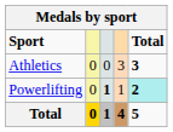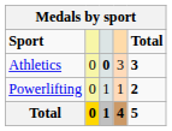 <table class=wikitable style="font-size:95%; ">
 <tr bgcolor=EFEFEF>
 <th colspan=7><strong>Medals by sport</strong></th>
 </tr>
 <tr>
 <td><strong>Sport</strong></td>
 <td bgcolor=F7F6A8></td>
 <td bgcolor=DCE5E5></td>
 <td bgcolor=FFDBA9></td>
 <td><strong>Total</strong></td>
 </tr>
 <tr>
 <td><a href='#'>Athletics</a></td>
 <td bgcolor=F7F6A8>0</td>
-<td bgcolor=DCE5E5>0</td>
+<td bgcolor=DCE5E5><strong>0</strong></td>
 <td bgcolor=FFDAB9>3</td>
 <td><strong>3</strong></td>
 </tr>
 <tr>
 <td><a href='#'>Powerlifting</a></td>
 <td bgcolor=F7F6A8>0</td>
-<td bgcolor=DCE5E5><strong>1</strong></td>
+<td bgcolor=DCE5E5>1</td>
 <td bgcolor=FFDAB9>1</td>
-<td style="background: paleturquoise;"><strong>2</strong></td>
+<td><strong>2</strong></td>
 </tr>
 <tr>
 <th><strong>Total</strong></th>
 <td style="background:gold;"><strong>0</strong></td>
 <td style="background:silver;"><strong>1</strong></td>
 <td style="background:#c96;"><strong>4</strong></td>
 <td><strong>5</strong></td>
 </tr>
 </table>
